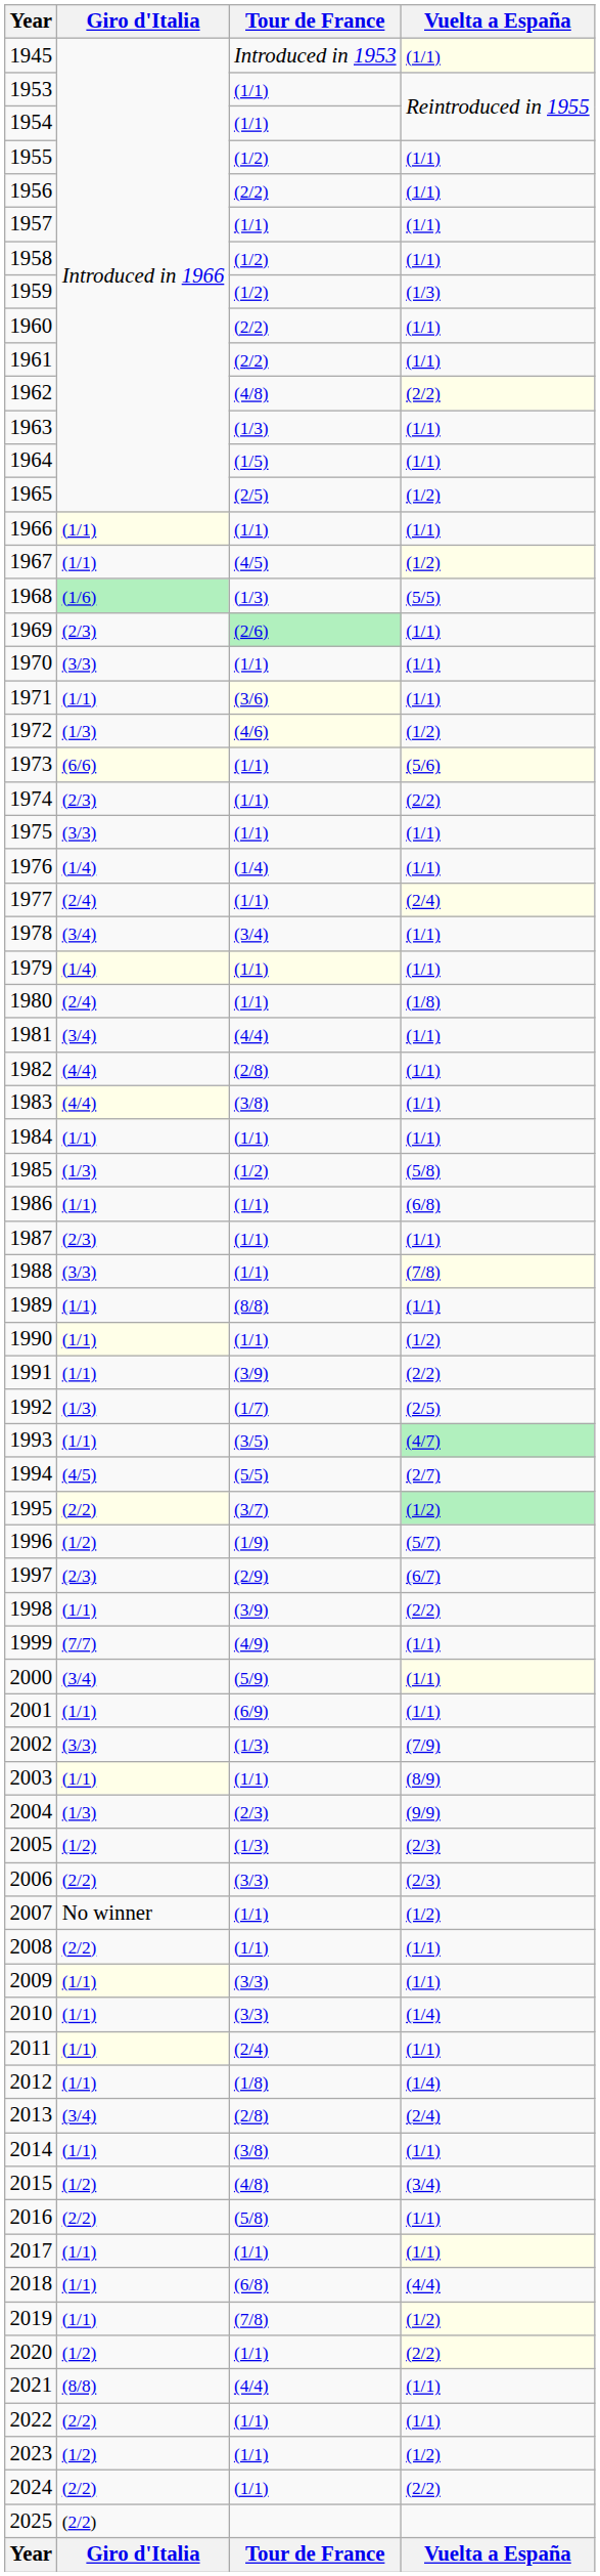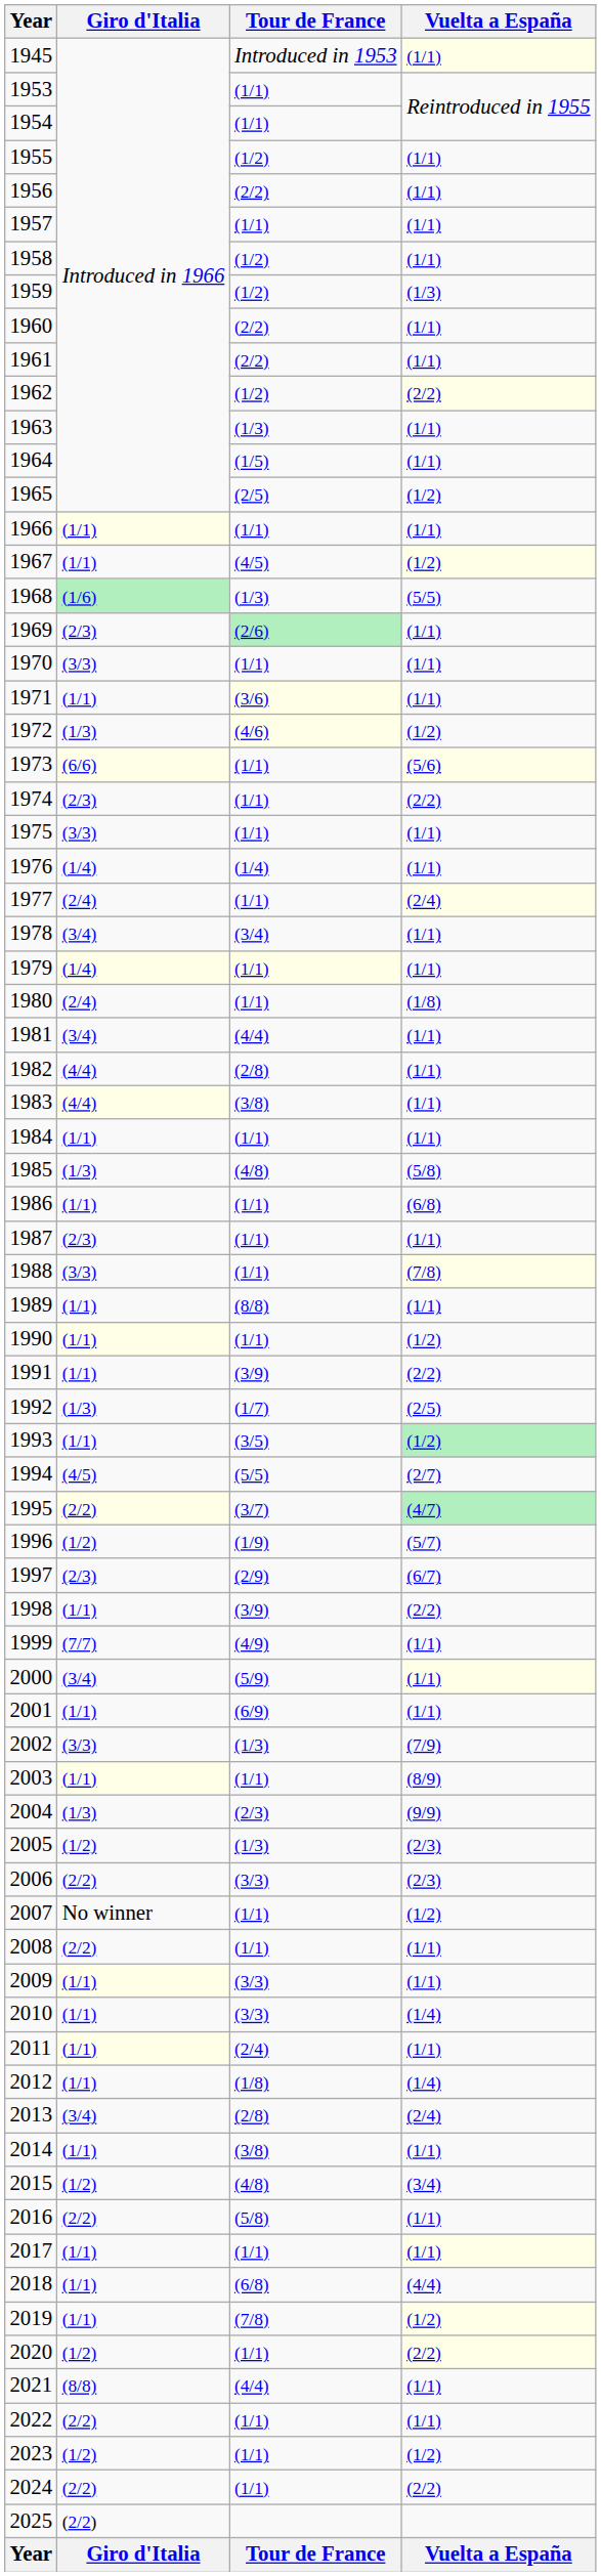 <table class="wikitable">
 <tr>
 <th>Year</th>
 <th> <a href='#'>Giro d'Italia</a></th>
 <th> <a href='#'>Tour de France</a></th>
 <th> <a href='#'>Vuelta a España</a></th>
 </tr>
 <tr>
 <td>1945</td>
 <td rowspan="14" style="text-align:center;"><em>Introduced in <a href='#'>1966</a></em></td>
 <td style="text-align:center;"><em>Introduced in <a href='#'>1953</a></em></td>
 <td style="background: #ffffe8"> <small><a href='#'>(1/1)</a></small></td>
 </tr>
 <tr>
 <td>1953</td>
 <td> <small><a href='#'>(1/1)</a></small></td>
 <td rowspan="2" style="text-align:center;"><em>Reintroduced in <a href='#'>1955</a></em></td>
 </tr>
 <tr>
 <td>1954</td>
 <td> <small><a href='#'>(1/1)</a></small></td>
 </tr>
 <tr>
 <td>1955</td>
 <td> <small><a href='#'>(1/2)</a></small></td>
 <td> <small><a href='#'>(1/1)</a></small></td>
 </tr>
 <tr>
 <td>1956</td>
 <td> <small><a href='#'>(2/2)</a></small></td>
 <td> <small><a href='#'>(1/1)</a></small></td>
 </tr>
 <tr>
 <td>1957</td>
 <td> <small><a href='#'>(1/1)</a></small></td>
 <td> <small><a href='#'>(1/1)</a></small></td>
 </tr>
 <tr>
 <td>1958</td>
 <td> <small><a href='#'>(1/2)</a></small></td>
 <td> <small><a href='#'>(1/1)</a></small></td>
 </tr>
 <tr>
 <td>1959</td>
 <td> <small><a href='#'>(1/2)</a></small></td>
 <td> <small><a href='#'>(1/3)</a></small></td>
 </tr>
 <tr>
 <td>1960</td>
 <td> <small><a href='#'>(2/2)</a></small></td>
 <td> <small><a href='#'>(1/1)</a></small></td>
 </tr>
 <tr>
 <td>1961</td>
 <td> <small><a href='#'>(2/2)</a></small></td>
 <td> <small><a href='#'>(1/1)</a></small></td>
 </tr>
 <tr>
 <td>1962</td>
-<td> <small><a href='#'>(4/8)</a></small></td>
+<td> <small><a href='#'>(1/2)</a></small></td>
 <td style="background: #ffffe8"> <small><a href='#'>(2/2)</a></small></td>
 </tr>
 <tr>
 <td>1963</td>
 <td> <small><a href='#'>(1/3)</a></small></td>
 <td> <small><a href='#'>(1/1)</a></small></td>
 </tr>
 <tr>
 <td>1964</td>
 <td> <small><a href='#'>(1/5)</a></small></td>
 <td> <small><a href='#'>(1/1)</a></small></td>
 </tr>
 <tr>
 <td>1965</td>
 <td> <small><a href='#'>(2/5)</a></small></td>
 <td> <small><a href='#'>(1/2)</a></small></td>
 </tr>
 <tr>
 <td>1966</td>
 <td style="background: #ffffe8"> <small><a href='#'>(1/1)</a></small></td>
 <td> <small><a href='#'>(1/1)</a></small></td>
 <td> <small><a href='#'>(1/1)</a></small></td>
 </tr>
 <tr>
 <td>1967</td>
 <td> <small><a href='#'>(1/1)</a></small></td>
 <td> <small><a href='#'>(4/5)</a></small></td>
 <td style="background: #ffffe8"> <small><a href='#'>(1/2)</a></small></td>
 </tr>
 <tr>
 <td>1968</td>
 <td style="background: #b1f0be"> <small><a href='#'>(1/6)</a></small></td>
 <td> <small><a href='#'>(1/3)</a></small></td>
 <td> <small><a href='#'>(5/5)</a></small></td>
 </tr>
 <tr>
 <td>1969</td>
 <td> <small><a href='#'>(2/3)</a></small></td>
 <td style="background: #b1f0be"> <small><a href='#'>(2/6)</a></small></td>
 <td> <small><a href='#'>(1/1)</a></small></td>
 </tr>
 <tr>
 <td>1970</td>
 <td> <small><a href='#'>(3/3)</a></small></td>
 <td> <small><a href='#'>(1/1)</a></small></td>
 <td> <small><a href='#'>(1/1)</a></small></td>
 </tr>
 <tr>
 <td>1971</td>
 <td> <small><a href='#'>(1/1)</a></small></td>
 <td style="background: #ffffe8"> <small><a href='#'>(3/6)</a></small></td>
 <td> <small><a href='#'>(1/1)</a></small></td>
 </tr>
 <tr>
 <td>1972</td>
 <td> <small><a href='#'>(1/3)</a></small></td>
 <td style="background: #ffffe8"> <small><a href='#'>(4/6)</a></small></td>
 <td> <small><a href='#'>(1/2)</a></small></td>
 </tr>
 <tr>
 <td>1973</td>
 <td style="background: #ffffe8"> <small><a href='#'>(6/6)</a></small></td>
 <td> <small><a href='#'>(1/1)</a></small></td>
 <td style="background: #ffffe8"> <small><a href='#'>(5/6)</a></small></td>
 </tr>
 <tr>
 <td>1974</td>
 <td> <small><a href='#'>(2/3)</a></small></td>
 <td> <small><a href='#'>(1/1)</a></small></td>
 <td> <small><a href='#'>(2/2)</a></small></td>
 </tr>
 <tr>
 <td>1975</td>
 <td> <small><a href='#'>(3/3)</a></small></td>
 <td> <small><a href='#'>(1/1)</a></small></td>
 <td> <small><a href='#'>(1/1)</a></small></td>
 </tr>
 <tr>
 <td>1976</td>
 <td> <small><a href='#'>(1/4)</a></small></td>
 <td> <small><a href='#'>(1/4)</a></small></td>
 <td> <small><a href='#'>(1/1)</a></small></td>
 </tr>
 <tr>
 <td>1977</td>
 <td> <small><a href='#'>(2/4)</a></small></td>
 <td> <small><a href='#'>(1/1)</a></small></td>
 <td style="background: #ffffe8"> <small><a href='#'>(2/4)</a></small></td>
 </tr>
 <tr>
 <td>1978</td>
 <td> <small><a href='#'>(3/4)</a></small></td>
 <td> <small><a href='#'>(3/4)</a></small></td>
 <td> <small><a href='#'>(1/1)</a></small></td>
 </tr>
 <tr>
 <td>1979</td>
 <td style="background: #ffffe8"> <small><a href='#'>(1/4)</a></small></td>
 <td style="background: #ffffe8"> <small><a href='#'>(1/1)</a></small></td>
 <td> <small><a href='#'>(1/1)</a></small></td>
 </tr>
 <tr>
 <td>1980</td>
 <td> <small><a href='#'>(2/4)</a></small></td>
 <td> <small><a href='#'>(1/1)</a></small></td>
 <td> <small><a href='#'>(1/8)</a></small></td>
 </tr>
 <tr>
 <td>1981</td>
 <td> <small><a href='#'>(3/4)</a></small></td>
 <td> <small><a href='#'>(4/4)</a></small></td>
 <td> <small><a href='#'>(1/1)</a></small></td>
 </tr>
 <tr>
 <td>1982</td>
 <td> <small><a href='#'>(4/4)</a></small></td>
 <td> <small><a href='#'>(2/8)</a></small></td>
 <td> <small><a href='#'>(1/1)</a></small></td>
 </tr>
 <tr>
 <td>1983</td>
 <td style="background: #ffffe8"> <small><a href='#'>(4/4)</a></small></td>
 <td> <small><a href='#'>(3/8)</a></small></td>
 <td> <small><a href='#'>(1/1)</a></small></td>
 </tr>
 <tr>
 <td>1984</td>
 <td> <small><a href='#'>(1/1)</a></small></td>
 <td> <small><a href='#'>(1/1)</a></small></td>
 <td> <small><a href='#'>(1/1)</a></small></td>
 </tr>
 <tr>
 <td>1985</td>
 <td> <small><a href='#'>(1/3)</a></small></td>
-<td> <small><a href='#'>(1/2)</a></small></td>
+<td> <small><a href='#'>(4/8)</a></small></td>
 <td> <small><a href='#'>(5/8)</a></small></td>
 </tr>
 <tr>
 <td>1986</td>
 <td> <small><a href='#'>(1/1)</a></small></td>
 <td> <small><a href='#'>(1/1)</a></small></td>
 <td> <small><a href='#'>(6/8)</a></small></td>
 </tr>
 <tr>
 <td>1987</td>
 <td> <small><a href='#'>(2/3)</a></small></td>
 <td> <small><a href='#'>(1/1)</a></small></td>
 <td> <small><a href='#'>(1/1)</a></small></td>
 </tr>
 <tr>
 <td>1988</td>
 <td> <small><a href='#'>(3/3)</a></small></td>
 <td> <small><a href='#'>(1/1)</a></small></td>
 <td style="background: #ffffe8"> <small><a href='#'>(7/8)</a></small></td>
 </tr>
 <tr>
 <td>1989</td>
 <td> <small><a href='#'>(1/1)</a></small></td>
 <td> <small><a href='#'>(8/8)</a></small></td>
 <td> <small><a href='#'>(1/1)</a></small></td>
 </tr>
 <tr>
 <td>1990</td>
 <td style="background: #ffffe8"> <small><a href='#'>(1/1)</a></small></td>
 <td> <small><a href='#'>(1/1)</a></small></td>
 <td> <small><a href='#'>(1/2)</a></small></td>
 </tr>
 <tr>
 <td>1991</td>
 <td> <small><a href='#'>(1/1)</a></small></td>
 <td> <small><a href='#'>(3/9)</a></small></td>
 <td> <small><a href='#'>(2/2)</a></small></td>
 </tr>
 <tr>
 <td>1992</td>
 <td> <small><a href='#'>(1/3)</a></small></td>
 <td> <small><a href='#'>(1/7)</a></small></td>
 <td> <small><a href='#'>(2/5)</a></small></td>
 </tr>
 <tr>
 <td>1993</td>
 <td> <small><a href='#'>(1/1)</a></small></td>
 <td> <small><a href='#'>(3/5)</a></small></td>
-<td style="background: #b1f0be"> <small><a href='#'>(4/7)</a></small></td>
+<td style="background: #b1f0be"> <small><a href='#'>(1/2)</a></small></td>
 </tr>
 <tr>
 <td>1994</td>
 <td> <small><a href='#'>(4/5)</a></small></td>
 <td> <small><a href='#'>(5/5)</a></small></td>
 <td> <small><a href='#'>(2/7)</a></small></td>
 </tr>
 <tr>
 <td>1995</td>
 <td style="background: #ffffe8"> <small><a href='#'>(2/2)</a></small></td>
 <td> <small><a href='#'>(3/7)</a></small></td>
-<td style="background: #b1f0be"> <small><a href='#'>(1/2)</a></small></td>
+<td style="background: #b1f0be"> <small><a href='#'>(4/7)</a></small></td>
 </tr>
 <tr>
 <td>1996</td>
 <td> <small><a href='#'>(1/2)</a></small></td>
 <td> <small><a href='#'>(1/9)</a></small></td>
 <td> <small><a href='#'>(5/7)</a></small></td>
 </tr>
 <tr>
 <td>1997</td>
 <td> <small><a href='#'>(2/3)</a></small></td>
 <td> <small><a href='#'>(2/9)</a></small></td>
 <td> <small><a href='#'>(6/7)</a></small></td>
 </tr>
 <tr>
 <td>1998</td>
 <td> <small><a href='#'>(1/1)</a></small></td>
 <td> <small><a href='#'>(3/9)</a></small></td>
 <td> <small><a href='#'>(2/2)</a></small></td>
 </tr>
 <tr>
 <td>1999</td>
 <td> <small><a href='#'>(7/7)</a></small></td>
 <td> <small><a href='#'>(4/9)</a></small></td>
 <td> <small><a href='#'>(1/1)</a></small></td>
 </tr>
 <tr>
 <td>2000</td>
 <td> <small><a href='#'>(3/4)</a></small></td>
 <td> <small><a href='#'>(5/9)</a></small></td>
 <td style="background: #ffffe8"> <small><a href='#'>(1/1)</a></small></td>
 </tr>
 <tr>
 <td>2001</td>
 <td> <small><a href='#'>(1/1)</a></small></td>
 <td> <small><a href='#'>(6/9)</a></small></td>
 <td> <small><a href='#'>(1/1)</a></small></td>
 </tr>
 <tr>
 <td>2002</td>
 <td> <small><a href='#'>(3/3)</a></small></td>
 <td> <small><a href='#'>(1/3)</a></small></td>
 <td> <small><a href='#'>(7/9)</a></small></td>
 </tr>
 <tr>
 <td>2003</td>
 <td style="background: #ffffe8"> <small><a href='#'>(1/1)</a></small></td>
 <td> <small><a href='#'>(1/1)</a></small></td>
 <td> <small><a href='#'>(8/9)</a></small></td>
 </tr>
 <tr>
 <td>2004</td>
 <td> <small><a href='#'>(1/3)</a></small></td>
 <td> <small><a href='#'>(2/3)</a></small></td>
 <td> <small><a href='#'>(9/9)</a></small></td>
 </tr>
 <tr>
 <td>2005</td>
 <td> <small><a href='#'>(1/2)</a></small></td>
 <td> <small><a href='#'>(1/3)</a></small></td>
 <td> <small><a href='#'>(2/3)</a></small></td>
 </tr>
 <tr>
 <td>2006</td>
 <td> <small><a href='#'>(2/2)</a></small></td>
 <td> <small><a href='#'>(3/3)</a></small></td>
 <td> <small><a href='#'>(2/3)</a></small></td>
 </tr>
 <tr>
 <td>2007</td>
 <td>No winner</td>
 <td> <small><a href='#'>(1/1)</a></small></td>
 <td> <small><a href='#'>(1/2)</a></small></td>
 </tr>
 <tr>
 <td>2008</td>
 <td> <small><a href='#'>(2/2)</a></small></td>
 <td> <small><a href='#'>(1/1)</a></small></td>
 <td> <small><a href='#'>(1/1)</a></small></td>
 </tr>
 <tr>
 <td>2009</td>
 <td style="background: #ffffe8"> <small><a href='#'>(1/1)</a></small></td>
 <td> <small><a href='#'>(3/3)</a></small></td>
 <td> <small><a href='#'>(1/1)</a></small></td>
 </tr>
 <tr>
 <td>2010</td>
 <td> <small><a href='#'>(1/1)</a></small></td>
 <td> <small><a href='#'>(3/3)</a></small></td>
 <td> <small><a href='#'>(1/4)</a></small></td>
 </tr>
 <tr>
 <td>2011</td>
 <td style="background: #ffffe8"> <small><a href='#'>(1/1)</a></small></td>
 <td> <small><a href='#'>(2/4)</a></small></td>
 <td> <small><a href='#'>(1/1)</a></small></td>
 </tr>
 <tr>
 <td>2012</td>
 <td> <small><a href='#'>(1/1)</a></small></td>
 <td> <small><a href='#'>(1/8)</a></small></td>
 <td> <small><a href='#'>(1/4)</a></small></td>
 </tr>
 <tr>
 <td>2013</td>
 <td> <small><a href='#'>(3/4)</a></small></td>
 <td> <small><a href='#'>(2/8)</a></small></td>
 <td> <small><a href='#'>(2/4)</a></small></td>
 </tr>
 <tr>
 <td>2014</td>
 <td> <small><a href='#'>(1/1)</a></small></td>
 <td> <small><a href='#'>(3/8)</a></small></td>
 <td> <small><a href='#'>(1/1)</a></small></td>
 </tr>
 <tr>
 <td>2015</td>
 <td> <small><a href='#'>(1/2)</a></small></td>
 <td> <small><a href='#'>(4/8)</a></small></td>
 <td> <small><a href='#'>(3/4)</a></small></td>
 </tr>
 <tr>
 <td>2016</td>
 <td> <small><a href='#'>(2/2)</a></small></td>
 <td> <small><a href='#'>(5/8)</a></small></td>
 <td> <small><a href='#'>(1/1)</a></small></td>
 </tr>
 <tr>
 <td>2017</td>
 <td> <small><a href='#'>(1/1)</a></small></td>
 <td> <small><a href='#'>(1/1)</a></small></td>
 <td style="background: #ffffe8"> <small><a href='#'>(1/1)</a></small></td>
 </tr>
 <tr>
 <td>2018</td>
 <td> <small><a href='#'>(1/1)</a></small></td>
 <td> <small><a href='#'>(6/8)</a></small></td>
 <td> <small><a href='#'>(4/4)</a></small></td>
 </tr>
 <tr>
 <td>2019</td>
 <td> <small><a href='#'>(1/1)</a></small></td>
 <td> <small><a href='#'>(7/8)</a></small></td>
 <td style="background: #ffffe8"> <small><a href='#'>(1/2)</a></small></td>
 </tr>
 <tr>
 <td>2020</td>
 <td> <small><a href='#'>(1/2)</a></small></td>
 <td> <small><a href='#'>(1/1)</a></small></td>
 <td style="background: #ffffe8"> <small><a href='#'>(2/2)</a></small></td>
 </tr>
 <tr>
 <td>2021</td>
 <td> <small><a href='#'>(8/8)</a></small></td>
 <td> <small><a href='#'>(4/4)</a></small></td>
 <td> <small><a href='#'>(1/1)</a></small></td>
 </tr>
 <tr>
 <td>2022</td>
 <td> <small><a href='#'>(2/2)</a></small></td>
 <td> <small><a href='#'>(1/1)</a></small></td>
 <td> <small><a href='#'>(1/1)</a></small></td>
 </tr>
 <tr>
 <td>2023</td>
 <td> <small><a href='#'>(1/2)</a></small></td>
 <td> <small><a href='#'>(1/1)</a></small></td>
 <td> <small><a href='#'>(1/2)</a></small></td>
 </tr>
 <tr>
 <td>2024</td>
 <td> <small><a href='#'>(2/2)</a></small></td>
 <td> <small><a href='#'>(1/1)</a></small></td>
 <td> <small><a href='#'>(2/2)</a></small></td>
 </tr>
 <tr>
 <td>2025</td>
 <td> <small>(<a href='#'>2/2</a>)</small></td>
 <td></td>
 <td></td>
 </tr>
 <tr>
 <th>Year</th>
 <th> <a href='#'>Giro d'Italia</a></th>
 <th> <a href='#'>Tour de France</a></th>
 <th> <a href='#'>Vuelta a España</a></th>
 </tr>
 </table>
